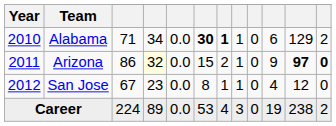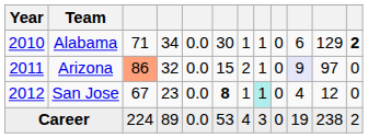 <table class="wikitable sortable" style="text-align:center">
 <tr>
 <th rowspan=2>Year</th>
 <th rowspan=2>Team</th>
 </tr>
 <tr>
 <th></th>
 <th></th>
 <th></th>
 <th></th>
 <th></th>
 <th></th>
 <th></th>
 <th></th>
 <th></th>
 <th></th>
 </tr>
 <tr>
 <td><a href='#'>2010</a></td>
 <td><a href='#'>Alabama</a></td>
 <td>71</td>
 <td>34</td>
 <td>0.0</td>
-<td><strong>30</strong></td>
-<td><strong>1</strong></td>
+<td>30</td>
+<td>1</td>
 <td>1</td>
 <td>0</td>
 <td>6</td>
 <td>129</td>
-<td>2</td>
+<td><strong>2</strong></td>
 </tr>
 <tr>
 <td><a href='#'>2011</a></td>
 <td><a href='#'>Arizona</a></td>
-<td>86</td>
-<td style="background: lightyellow;">32</td>
+<td style="background: lightsalmon;">86</td>
+<td>32</td>
 <td>0.0</td>
 <td>15</td>
 <td>2</td>
 <td>1</td>
 <td>0</td>
-<td>9</td>
-<td><strong>97</strong></td>
-<td><strong>0</strong></td>
+<td style="background: lavender;">9</td>
+<td>97</td>
+<td>0</td>
 </tr>
 <tr>
 <td><a href='#'>2012</a></td>
 <td><a href='#'>San Jose</a></td>
 <td>67</td>
 <td>23</td>
 <td>0.0</td>
-<td>8</td>
+<td><strong>8</strong></td>
 <td>1</td>
-<td>1</td>
+<td style="background: paleturquoise;">1</td>
 <td>0</td>
 <td>4</td>
 <td>12</td>
 <td>0</td>
 </tr>
 <tr class="sortbottom" style="background:#eee;">
 <td colspan=2><strong>Career</strong></td>
 <td>224</td>
 <td>89</td>
 <td>0.0</td>
 <td>53</td>
 <td>4</td>
 <td>3</td>
 <td>0</td>
 <td>19</td>
 <td>238</td>
 <td>2</td>
 </tr>
 </table>
